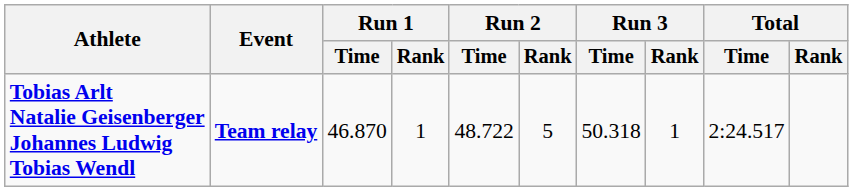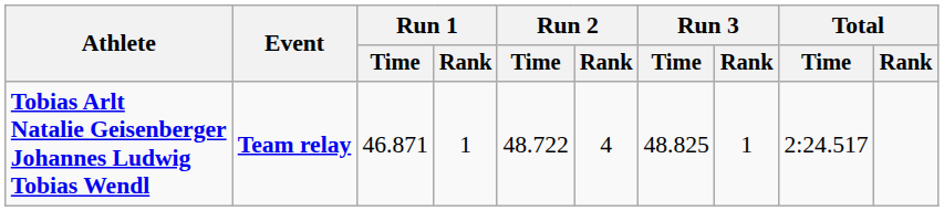 <table class="wikitable" style="font-size:90%">
 <tr>
 <th rowspan="2">Athlete</th>
 <th rowspan="2">Event</th>
 <th colspan=2>Run 1</th>
 <th colspan=2>Run 2</th>
 <th colspan=2>Run 3</th>
 <th colspan=2>Total</th>
 </tr>
 <tr style="font-size:95%">
 <th>Time</th>
 <th>Rank</th>
 <th>Time</th>
 <th>Rank</th>
 <th>Time</th>
 <th>Rank</th>
 <th>Time</th>
 <th>Rank</th>
 </tr>
 <tr align=center>
 <td align=left><strong><a href='#'>Tobias Arlt</a><br><a href='#'>Natalie Geisenberger</a><br><a href='#'>Johannes Ludwig</a><br><a href='#'>Tobias Wendl</a></strong></td>
 <td align=left><strong><a href='#'>Team relay</a></strong></td>
-<td>46.870</td>
+<td>46.871</td>
 <td>1</td>
 <td>48.722</td>
-<td>5</td>
-<td>50.318</td>
+<td>4</td>
+<td>48.825</td>
 <td>1</td>
 <td>2:24.517</td>
 <td></td>
 </tr>
 </table>
